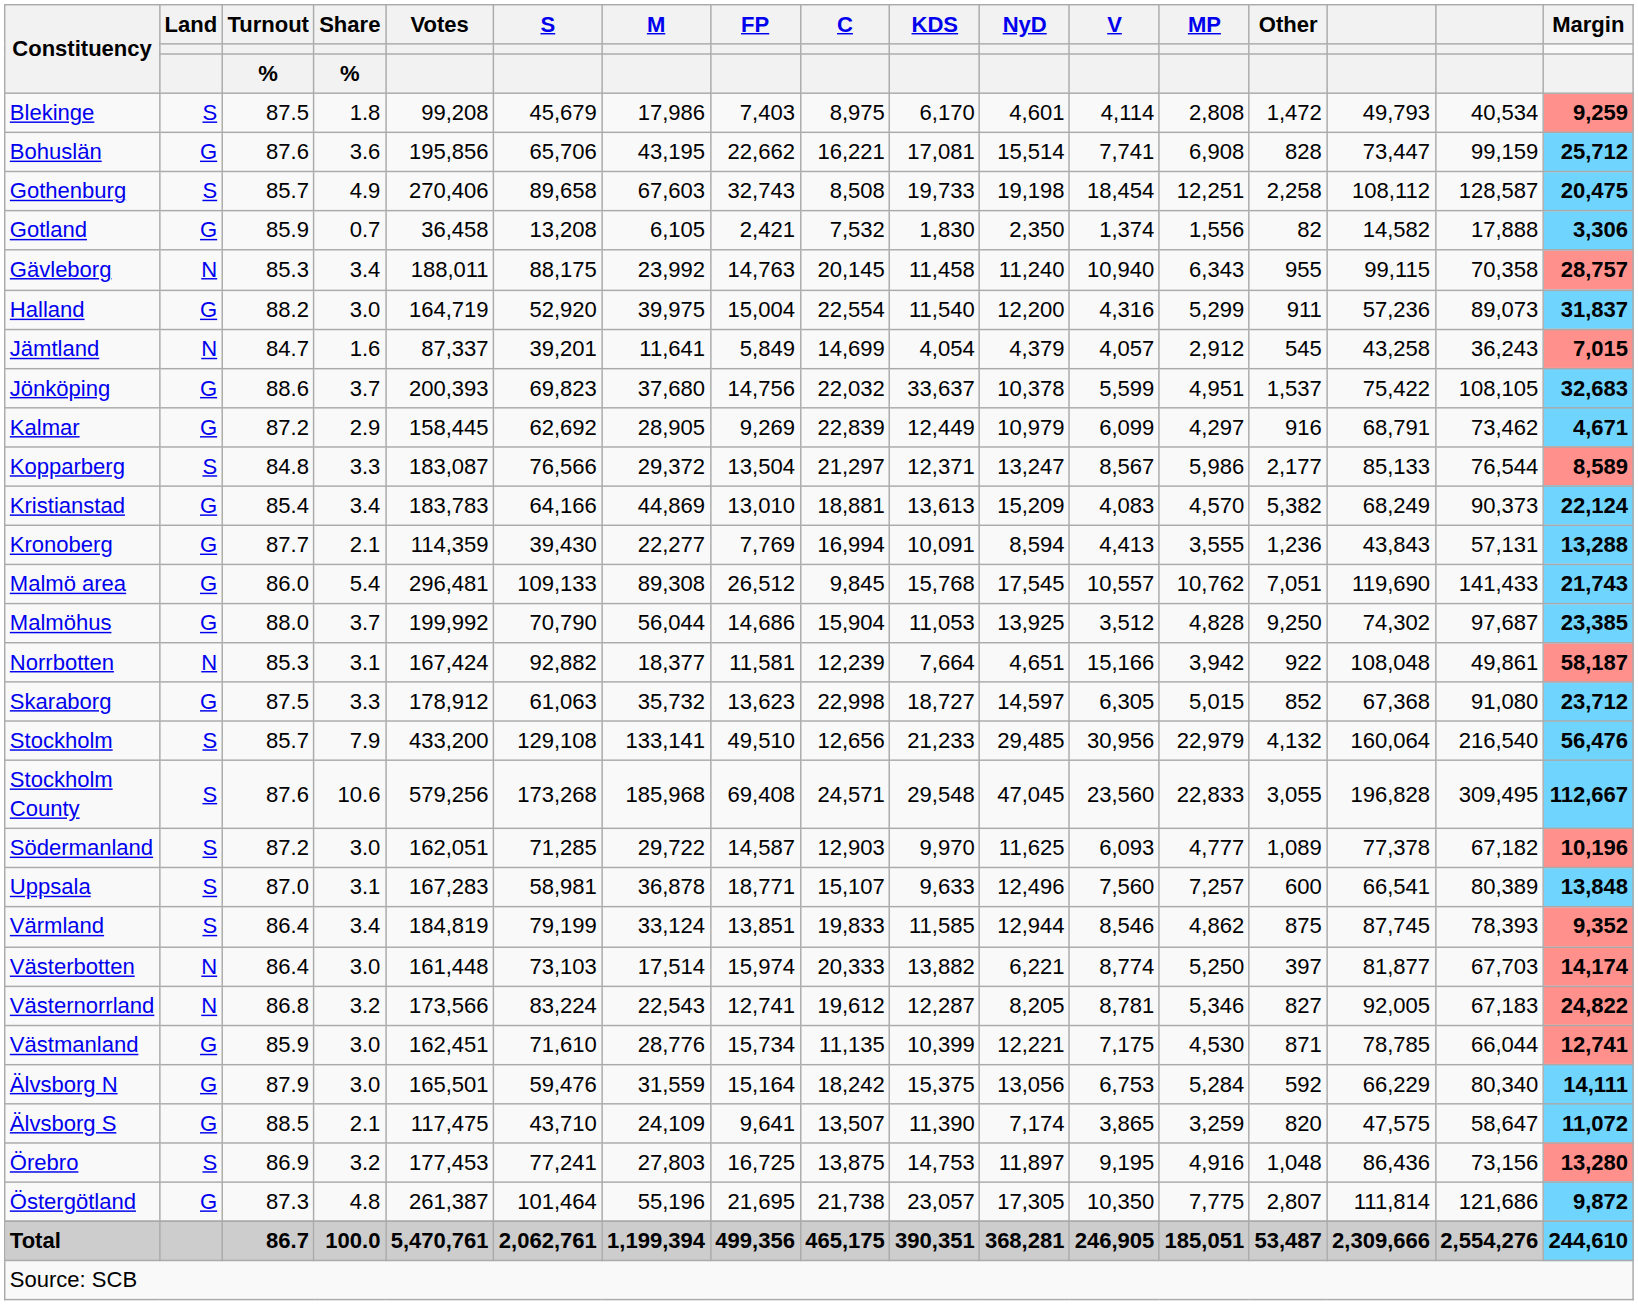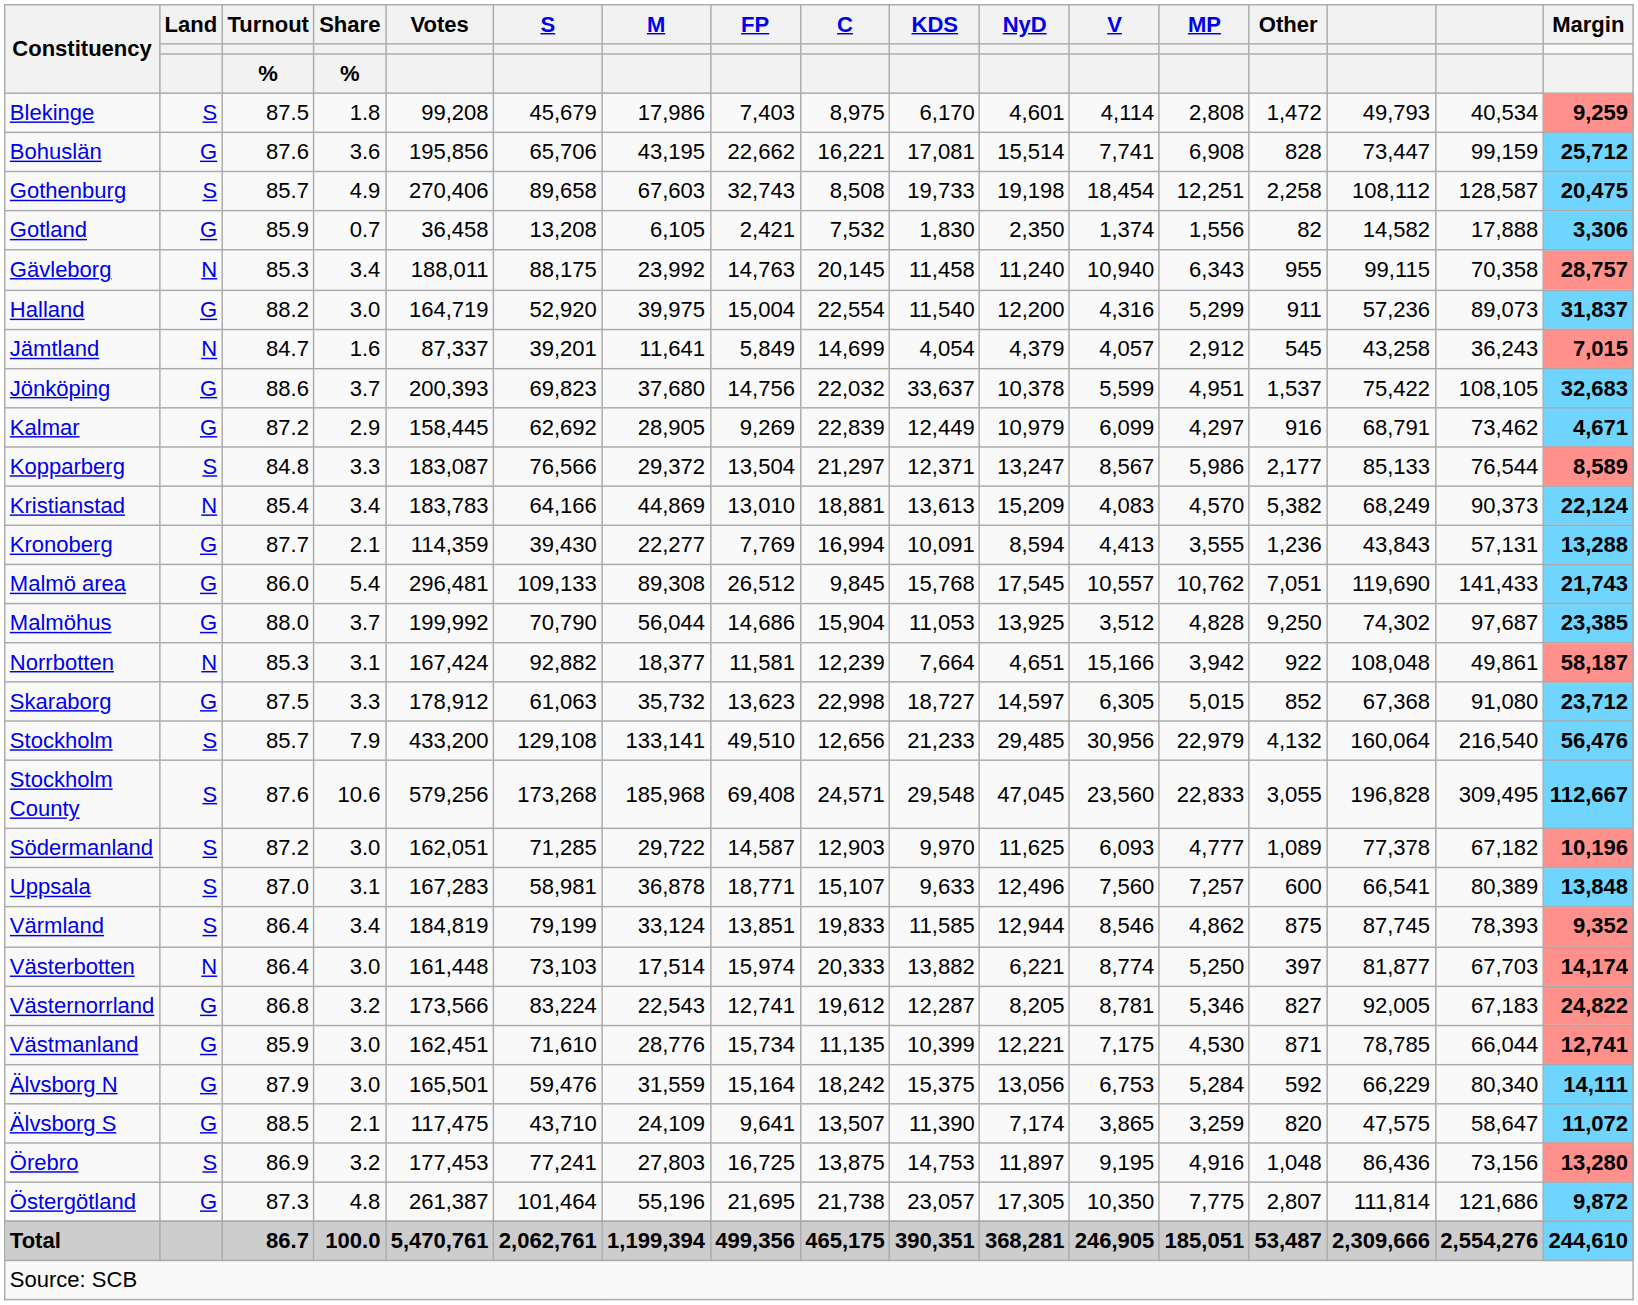 <table class="wikitable sortable" style="text-align:right; font-size:95%; line-height:20px;">
 <tr>
 <th rowspan="3">Constituency</th>
 <th>Land</th>
 <th>Turnout</th>
 <th>Share</th>
 <th>Votes</th>
 <th width="30px" class="unsortable"><a href='#'>S</a></th>
 <th width="30px" class="unsortable"><a href='#'>M</a></th>
 <th width="30px" class="unsortable"><a href='#'>FP</a></th>
 <th width="30px" class="unsortable"><a href='#'>C</a></th>
 <th width="30px" class="unsortable"><a href='#'>KDS</a></th>
 <th width="30px" class="unsortable"><a href='#'>NyD</a></th>
 <th width="30px" class="unsortable"><a href='#'>V</a></th>
 <th width="30px" class="unsortable"><a href='#'>MP</a></th>
 <th width="30px" class="unsortable">Other</th>
 <th></th>
 <th></th>
 <th>Margin</th>
 </tr>
 <tr>
 <th></th>
 <th></th>
 <th></th>
 <th></th>
 <th style="background:"></th>
 <th style="background:"></th>
 <th style="background:"></th>
 <th style="background:"></th>
 <th style="background:"></th>
 <th style="background:"></th>
 <th style="background:"></th>
 <th style="background:"></th>
 <th style="background:"></th>
 <th style="background:"></th>
 <th style="background:"></th>
 </tr>
 <tr>
 <th></th>
 <th data-sort-type="number">%</th>
 <th data-sort-type="number">%</th>
 <th></th>
 <th data-sort-type="number"></th>
 <th data-sort-type="number"></th>
 <th data-sort-type="number"></th>
 <th data-sort-type="number"></th>
 <th data-sort-type="number"></th>
 <th data-sort-type="number"></th>
 <th data-sort-type="number"></th>
 <th data-sort-type="number"></th>
 <th data-sort-type="number"></th>
 <th data-sort-type="number"></th>
 <th data-sort-type="number"></th>
 <th data-sort-type="number"></th>
 </tr>
 <tr>
 <td align=left><a href='#'>Blekinge</a></td>
 <td><a href='#'>S</a></td>
 <td>87.5</td>
 <td>1.8</td>
 <td>99,208</td>
 <td>45,679</td>
 <td>17,986</td>
 <td>7,403</td>
 <td>8,975</td>
 <td>6,170</td>
 <td>4,601</td>
 <td>4,114</td>
 <td>2,808</td>
 <td>1,472</td>
 <td>49,793</td>
 <td>40,534</td>
 <td bgcolor=#ff908c><strong>9,259</strong></td>
 </tr>
 <tr>
 <td align=left><a href='#'>Bohuslän</a></td>
 <td><a href='#'>G</a></td>
 <td>87.6</td>
 <td>3.6</td>
 <td>195,856</td>
 <td>65,706</td>
 <td>43,195</td>
 <td>22,662</td>
 <td>16,221</td>
 <td>17,081</td>
 <td>15,514</td>
 <td>7,741</td>
 <td>6,908</td>
 <td>828</td>
 <td>73,447</td>
 <td>99,159</td>
 <td bgcolor=#6fd5fe><strong>25,712</strong></td>
 </tr>
 <tr>
 <td align=left><a href='#'>Gothenburg</a></td>
 <td><a href='#'>S</a></td>
 <td>85.7</td>
 <td>4.9</td>
 <td>270,406</td>
 <td>89,658</td>
 <td>67,603</td>
 <td>32,743</td>
 <td>8,508</td>
 <td>19,733</td>
 <td>19,198</td>
 <td>18,454</td>
 <td>12,251</td>
 <td>2,258</td>
 <td>108,112</td>
 <td>128,587</td>
 <td bgcolor=#6fd5fe><strong>20,475</strong></td>
 </tr>
 <tr>
 <td align=left><a href='#'>Gotland</a></td>
 <td><a href='#'>G</a></td>
 <td>85.9</td>
 <td>0.7</td>
 <td>36,458</td>
 <td>13,208</td>
 <td>6,105</td>
 <td>2,421</td>
 <td>7,532</td>
 <td>1,830</td>
 <td>2,350</td>
 <td>1,374</td>
 <td>1,556</td>
 <td>82</td>
 <td>14,582</td>
 <td>17,888</td>
 <td bgcolor=#6fd5fe><strong>3,306</strong></td>
 </tr>
 <tr>
 <td align=left><a href='#'>Gävleborg</a></td>
 <td><a href='#'>N</a></td>
 <td>85.3</td>
 <td>3.4</td>
 <td>188,011</td>
 <td>88,175</td>
 <td>23,992</td>
 <td>14,763</td>
 <td>20,145</td>
 <td>11,458</td>
 <td>11,240</td>
 <td>10,940</td>
 <td>6,343</td>
 <td>955</td>
 <td>99,115</td>
 <td>70,358</td>
 <td bgcolor=#ff908c><strong>28,757</strong></td>
 </tr>
 <tr>
 <td align=left><a href='#'>Halland</a></td>
 <td><a href='#'>G</a></td>
 <td>88.2</td>
 <td>3.0</td>
 <td>164,719</td>
 <td>52,920</td>
 <td>39,975</td>
 <td>15,004</td>
 <td>22,554</td>
 <td>11,540</td>
 <td>12,200</td>
 <td>4,316</td>
 <td>5,299</td>
 <td>911</td>
 <td>57,236</td>
 <td>89,073</td>
 <td bgcolor=#6fd5fe><strong>31,837</strong></td>
 </tr>
 <tr>
 <td align=left><a href='#'>Jämtland</a></td>
 <td><a href='#'>N</a></td>
 <td>84.7</td>
 <td>1.6</td>
 <td>87,337</td>
 <td>39,201</td>
 <td>11,641</td>
 <td>5,849</td>
 <td>14,699</td>
 <td>4,054</td>
 <td>4,379</td>
 <td>4,057</td>
 <td>2,912</td>
 <td>545</td>
 <td>43,258</td>
 <td>36,243</td>
 <td bgcolor=#ff908c><strong>7,015</strong></td>
 </tr>
 <tr>
 <td align=left><a href='#'>Jönköping</a></td>
 <td><a href='#'>G</a></td>
 <td>88.6</td>
 <td>3.7</td>
 <td>200,393</td>
 <td>69,823</td>
 <td>37,680</td>
 <td>14,756</td>
 <td>22,032</td>
 <td>33,637</td>
 <td>10,378</td>
 <td>5,599</td>
 <td>4,951</td>
 <td>1,537</td>
 <td>75,422</td>
 <td>108,105</td>
 <td bgcolor=#6fd5fe><strong>32,683</strong></td>
 </tr>
 <tr>
 <td align=left><a href='#'>Kalmar</a></td>
 <td><a href='#'>G</a></td>
 <td>87.2</td>
 <td>2.9</td>
 <td>158,445</td>
 <td>62,692</td>
 <td>28,905</td>
 <td>9,269</td>
 <td>22,839</td>
 <td>12,449</td>
 <td>10,979</td>
 <td>6,099</td>
 <td>4,297</td>
 <td>916</td>
 <td>68,791</td>
 <td>73,462</td>
 <td bgcolor=#6fd5fe><strong>4,671</strong></td>
 </tr>
 <tr>
 <td align=left><a href='#'>Kopparberg</a></td>
 <td><a href='#'>S</a></td>
 <td>84.8</td>
 <td>3.3</td>
 <td>183,087</td>
 <td>76,566</td>
 <td>29,372</td>
 <td>13,504</td>
 <td>21,297</td>
 <td>12,371</td>
 <td>13,247</td>
 <td>8,567</td>
 <td>5,986</td>
 <td>2,177</td>
 <td>85,133</td>
 <td>76,544</td>
 <td bgcolor=#ff908c><strong>8,589</strong></td>
 </tr>
 <tr>
 <td align=left><a href='#'>Kristianstad</a></td>
-<td><a href='#'>G</a></td>
+<td><a href='#'>N</a></td>
 <td>85.4</td>
 <td>3.4</td>
 <td>183,783</td>
 <td>64,166</td>
 <td>44,869</td>
 <td>13,010</td>
 <td>18,881</td>
 <td>13,613</td>
 <td>15,209</td>
 <td>4,083</td>
 <td>4,570</td>
 <td>5,382</td>
 <td>68,249</td>
 <td>90,373</td>
 <td bgcolor=#6fd5fe><strong>22,124</strong></td>
 </tr>
 <tr>
 <td align=left><a href='#'>Kronoberg</a></td>
 <td><a href='#'>G</a></td>
 <td>87.7</td>
 <td>2.1</td>
 <td>114,359</td>
 <td>39,430</td>
 <td>22,277</td>
 <td>7,769</td>
 <td>16,994</td>
 <td>10,091</td>
 <td>8,594</td>
 <td>4,413</td>
 <td>3,555</td>
 <td>1,236</td>
 <td>43,843</td>
 <td>57,131</td>
 <td bgcolor=#6fd5fe><strong>13,288</strong></td>
 </tr>
 <tr>
 <td align=left><a href='#'>Malmö area</a></td>
 <td><a href='#'>G</a></td>
 <td>86.0</td>
 <td>5.4</td>
 <td>296,481</td>
 <td>109,133</td>
 <td>89,308</td>
 <td>26,512</td>
 <td>9,845</td>
 <td>15,768</td>
 <td>17,545</td>
 <td>10,557</td>
 <td>10,762</td>
 <td>7,051</td>
 <td>119,690</td>
 <td>141,433</td>
 <td bgcolor=#6fd5fe><strong>21,743</strong></td>
 </tr>
 <tr>
 <td align=left><a href='#'>Malmöhus</a></td>
 <td><a href='#'>G</a></td>
 <td>88.0</td>
 <td>3.7</td>
 <td>199,992</td>
 <td>70,790</td>
 <td>56,044</td>
 <td>14,686</td>
 <td>15,904</td>
 <td>11,053</td>
 <td>13,925</td>
 <td>3,512</td>
 <td>4,828</td>
 <td>9,250</td>
 <td>74,302</td>
 <td>97,687</td>
 <td bgcolor=#6fd5fe><strong>23,385</strong></td>
 </tr>
 <tr>
 <td align=left><a href='#'>Norrbotten</a></td>
 <td><a href='#'>N</a></td>
 <td>85.3</td>
 <td>3.1</td>
 <td>167,424</td>
 <td>92,882</td>
 <td>18,377</td>
 <td>11,581</td>
 <td>12,239</td>
 <td>7,664</td>
 <td>4,651</td>
 <td>15,166</td>
 <td>3,942</td>
 <td>922</td>
 <td>108,048</td>
 <td>49,861</td>
 <td bgcolor=#ff908c><strong>58,187</strong></td>
 </tr>
 <tr>
 <td align=left><a href='#'>Skaraborg</a></td>
 <td><a href='#'>G</a></td>
 <td>87.5</td>
 <td>3.3</td>
 <td>178,912</td>
 <td>61,063</td>
 <td>35,732</td>
 <td>13,623</td>
 <td>22,998</td>
 <td>18,727</td>
 <td>14,597</td>
 <td>6,305</td>
 <td>5,015</td>
 <td>852</td>
 <td>67,368</td>
 <td>91,080</td>
 <td bgcolor=#6fd5fe><strong>23,712</strong></td>
 </tr>
 <tr>
 <td align=left><a href='#'>Stockholm</a></td>
 <td><a href='#'>S</a></td>
 <td>85.7</td>
 <td>7.9</td>
 <td>433,200</td>
 <td>129,108</td>
 <td>133,141</td>
 <td>49,510</td>
 <td>12,656</td>
 <td>21,233</td>
 <td>29,485</td>
 <td>30,956</td>
 <td>22,979</td>
 <td>4,132</td>
 <td>160,064</td>
 <td>216,540</td>
 <td bgcolor=#6fd5fe><strong>56,476</strong></td>
 </tr>
 <tr>
 <td align=left><a href='#'>Stockholm County</a></td>
 <td><a href='#'>S</a></td>
 <td>87.6</td>
 <td>10.6</td>
 <td>579,256</td>
 <td>173,268</td>
 <td>185,968</td>
 <td>69,408</td>
 <td>24,571</td>
 <td>29,548</td>
 <td>47,045</td>
 <td>23,560</td>
 <td>22,833</td>
 <td>3,055</td>
 <td>196,828</td>
 <td>309,495</td>
 <td bgcolor=#6fd5fe><strong>112,667</strong></td>
 </tr>
 <tr>
 <td align=left><a href='#'>Södermanland</a></td>
 <td><a href='#'>S</a></td>
 <td>87.2</td>
 <td>3.0</td>
 <td>162,051</td>
 <td>71,285</td>
 <td>29,722</td>
 <td>14,587</td>
 <td>12,903</td>
 <td>9,970</td>
 <td>11,625</td>
 <td>6,093</td>
 <td>4,777</td>
 <td>1,089</td>
 <td>77,378</td>
 <td>67,182</td>
 <td bgcolor=#ff908c><strong>10,196</strong></td>
 </tr>
 <tr>
 <td align=left><a href='#'>Uppsala</a></td>
 <td><a href='#'>S</a></td>
 <td>87.0</td>
 <td>3.1</td>
 <td>167,283</td>
 <td>58,981</td>
 <td>36,878</td>
 <td>18,771</td>
 <td>15,107</td>
 <td>9,633</td>
 <td>12,496</td>
 <td>7,560</td>
 <td>7,257</td>
 <td>600</td>
 <td>66,541</td>
 <td>80,389</td>
 <td bgcolor=#6fd5fe><strong>13,848</strong></td>
 </tr>
 <tr>
 <td align=left><a href='#'>Värmland</a></td>
 <td><a href='#'>S</a></td>
 <td>86.4</td>
 <td>3.4</td>
 <td>184,819</td>
 <td>79,199</td>
 <td>33,124</td>
 <td>13,851</td>
 <td>19,833</td>
 <td>11,585</td>
 <td>12,944</td>
 <td>8,546</td>
 <td>4,862</td>
 <td>875</td>
 <td>87,745</td>
 <td>78,393</td>
 <td bgcolor=#ff908c><strong>9,352</strong></td>
 </tr>
 <tr>
 <td align=left><a href='#'>Västerbotten</a></td>
 <td><a href='#'>N</a></td>
 <td>86.4</td>
 <td>3.0</td>
 <td>161,448</td>
 <td>73,103</td>
 <td>17,514</td>
 <td>15,974</td>
 <td>20,333</td>
 <td>13,882</td>
 <td>6,221</td>
 <td>8,774</td>
 <td>5,250</td>
 <td>397</td>
 <td>81,877</td>
 <td>67,703</td>
 <td bgcolor=#ff908c><strong>14,174</strong></td>
 </tr>
 <tr>
 <td align=left><a href='#'>Västernorrland</a></td>
-<td><a href='#'>N</a></td>
+<td><a href='#'>G</a></td>
 <td>86.8</td>
 <td>3.2</td>
 <td>173,566</td>
 <td>83,224</td>
 <td>22,543</td>
 <td>12,741</td>
 <td>19,612</td>
 <td>12,287</td>
 <td>8,205</td>
 <td>8,781</td>
 <td>5,346</td>
 <td>827</td>
 <td>92,005</td>
 <td>67,183</td>
 <td bgcolor=#ff908c><strong>24,822</strong></td>
 </tr>
 <tr>
 <td align=left><a href='#'>Västmanland</a></td>
 <td><a href='#'>G</a></td>
 <td>85.9</td>
 <td>3.0</td>
 <td>162,451</td>
 <td>71,610</td>
 <td>28,776</td>
 <td>15,734</td>
 <td>11,135</td>
 <td>10,399</td>
 <td>12,221</td>
 <td>7,175</td>
 <td>4,530</td>
 <td>871</td>
 <td>78,785</td>
 <td>66,044</td>
 <td bgcolor=#ff908c><strong>12,741</strong></td>
 </tr>
 <tr>
 <td align=left><a href='#'>Älvsborg N</a></td>
 <td><a href='#'>G</a></td>
 <td>87.9</td>
 <td>3.0</td>
 <td>165,501</td>
 <td>59,476</td>
 <td>31,559</td>
 <td>15,164</td>
 <td>18,242</td>
 <td>15,375</td>
 <td>13,056</td>
 <td>6,753</td>
 <td>5,284</td>
 <td>592</td>
 <td>66,229</td>
 <td>80,340</td>
 <td bgcolor=#6fd5fe><strong>14,111</strong></td>
 </tr>
 <tr>
 <td align=left><a href='#'>Älvsborg S</a></td>
 <td><a href='#'>G</a></td>
 <td>88.5</td>
 <td>2.1</td>
 <td>117,475</td>
 <td>43,710</td>
 <td>24,109</td>
 <td>9,641</td>
 <td>13,507</td>
 <td>11,390</td>
 <td>7,174</td>
 <td>3,865</td>
 <td>3,259</td>
 <td>820</td>
 <td>47,575</td>
 <td>58,647</td>
 <td bgcolor=#6fd5fe><strong>11,072</strong></td>
 </tr>
 <tr>
 <td align=left><a href='#'>Örebro</a></td>
 <td><a href='#'>S</a></td>
 <td>86.9</td>
 <td>3.2</td>
 <td>177,453</td>
 <td>77,241</td>
 <td>27,803</td>
 <td>16,725</td>
 <td>13,875</td>
 <td>14,753</td>
 <td>11,897</td>
 <td>9,195</td>
 <td>4,916</td>
 <td>1,048</td>
 <td>86,436</td>
 <td>73,156</td>
 <td bgcolor=#ff908c><strong>13,280</strong></td>
 </tr>
 <tr>
 <td align=left><a href='#'>Östergötland</a></td>
 <td><a href='#'>G</a></td>
 <td>87.3</td>
 <td>4.8</td>
 <td>261,387</td>
 <td>101,464</td>
 <td>55,196</td>
 <td>21,695</td>
 <td>21,738</td>
 <td>23,057</td>
 <td>17,305</td>
 <td>10,350</td>
 <td>7,775</td>
 <td>2,807</td>
 <td>111,814</td>
 <td>121,686</td>
 <td bgcolor=#6fd5fe><strong>9,872</strong></td>
 </tr>
 <tr>
 </tr>
 <tr style="background:#CDCDCD;">
 <td align=left><strong>Total</strong></td>
 <td></td>
 <td><strong>86.7</strong></td>
 <td><strong>100.0</strong></td>
 <td><strong>5,470,761</strong></td>
 <td><strong>2,062,761</strong></td>
 <td><strong>1,199,394</strong></td>
 <td><strong>499,356</strong></td>
 <td><strong>465,175</strong></td>
 <td><strong>390,351</strong></td>
 <td><strong>368,281</strong></td>
 <td><strong>246,905</strong></td>
 <td><strong>185,051</strong></td>
 <td><strong>53,487</strong></td>
 <td><strong>2,309,666</strong></td>
 <td><strong>2,554,276</strong></td>
 <td bgcolor=#6fd5fe><strong>244,610</strong></td>
 </tr>
 <tr>
 <td align=left colspan=17>Source: SCB </td>
 </tr>
 </table>
